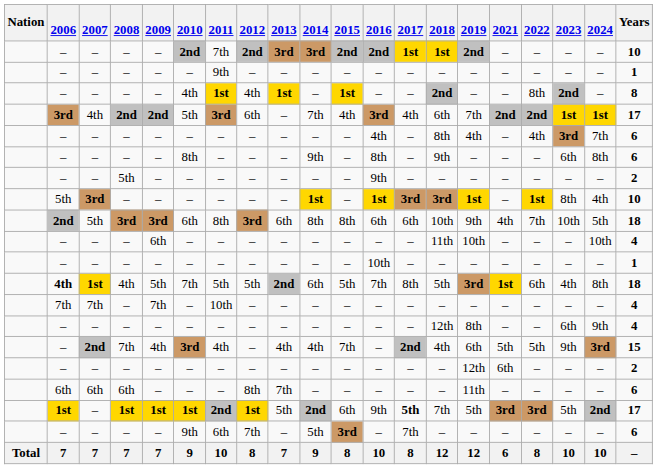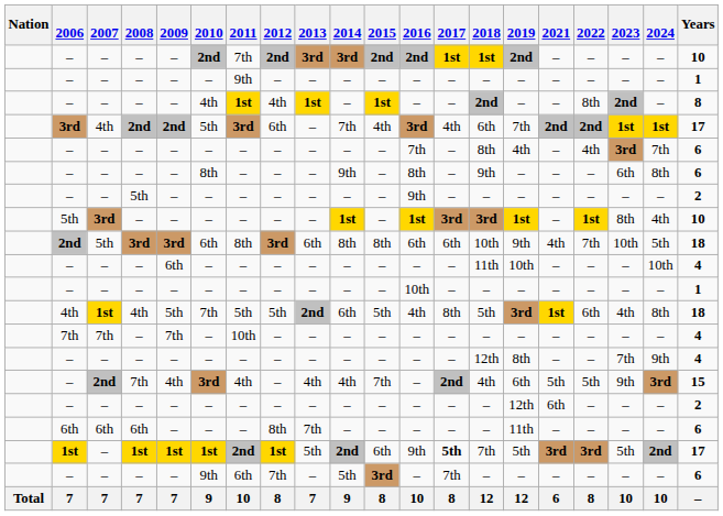 <table class="wikitable" style="text-align:center; font-size:90%">
 <tr>
 <th>Nation</th>
 <th><br><a href='#'>2006</a></th>
 <th><br><a href='#'>2007</a></th>
 <th><br><a href='#'>2008</a></th>
 <th><br><a href='#'>2009</a></th>
 <th><br><a href='#'>2010</a></th>
 <th><br><a href='#'>2011</a></th>
 <th><br><a href='#'>2012</a></th>
 <th><br><a href='#'>2013</a></th>
 <th><br><a href='#'>2014</a></th>
 <th><br><a href='#'>2015</a></th>
 <th><br><a href='#'>2016</a></th>
 <th><br><a href='#'>2017</a></th>
 <th><br><a href='#'>2018</a></th>
 <th><br><a href='#'>2019</a></th>
 <th><br><a href='#'>2021</a></th>
 <th><br><a href='#'>2022</a></th>
 <th><br><a href='#'>2023</a></th>
 <th><br><a href='#'>2024</a></th>
 <th>Years</th>
 </tr>
 <tr>
 <td align=left></td>
 <td>–</td>
 <td>–</td>
 <td>–</td>
 <td>–</td>
 <td bgcolor=silver><strong>2nd</strong></td>
 <td>7th</td>
 <td bgcolor=silver><strong>2nd</strong></td>
 <td bgcolor=#cc9966><strong>3rd</strong></td>
 <td bgcolor=#cc9966><strong>3rd</strong></td>
 <td bgcolor=silver><strong>2nd</strong></td>
 <td bgcolor=silver><strong>2nd</strong></td>
 <td bgcolor=gold><strong>1st</strong></td>
 <td bgcolor=gold><strong>1st</strong></td>
 <td bgcolor=silver><strong>2nd</strong></td>
 <td>–</td>
 <td>–</td>
 <td>–</td>
 <td>–</td>
 <td><strong>10</strong></td>
 </tr>
 <tr>
 <td align=left></td>
 <td>–</td>
 <td>–</td>
 <td>–</td>
 <td>–</td>
 <td>–</td>
 <td>9th</td>
 <td>–</td>
 <td>–</td>
 <td>–</td>
 <td>–</td>
 <td>–</td>
 <td>–</td>
 <td>–</td>
 <td>–</td>
 <td>–</td>
 <td>–</td>
 <td>–</td>
 <td>–</td>
 <td><strong>1</strong></td>
 </tr>
 <tr>
 <td align=left></td>
 <td>–</td>
 <td>–</td>
 <td>–</td>
 <td>–</td>
 <td>4th</td>
 <td bgcolor=gold><strong>1st</strong></td>
 <td>4th</td>
 <td bgcolor=gold><strong>1st</strong></td>
 <td>–</td>
 <td bgcolor=gold><strong>1st</strong></td>
 <td>–</td>
 <td>–</td>
 <td bgcolor=silver><strong>2nd</strong></td>
 <td>–</td>
 <td>–</td>
 <td>8th</td>
 <td bgcolor=silver><strong>2nd</strong></td>
 <td>–</td>
 <td><strong>8</strong></td>
 </tr>
 <tr>
 <td align=left></td>
 <td bgcolor=#cc9966><strong>3rd</strong></td>
 <td>4th</td>
 <td bgcolor=silver><strong>2nd</strong></td>
 <td bgcolor=silver><strong>2nd</strong></td>
 <td>5th</td>
 <td bgcolor=#cc9966><strong>3rd</strong></td>
 <td>6th</td>
 <td>–</td>
 <td>7th</td>
 <td>4th</td>
 <td bgcolor=#cc9966><strong>3rd</strong></td>
 <td>4th</td>
 <td>6th</td>
 <td>7th</td>
 <td bgcolor=silver><strong>2nd</strong></td>
 <td bgcolor=silver><strong>2nd</strong></td>
 <td bgcolor=gold><strong>1st</strong></td>
 <td bgcolor=gold><strong>1st</strong></td>
 <td><strong>17</strong></td>
 </tr>
 <tr>
 <td align=left></td>
 <td>–</td>
 <td>–</td>
 <td>–</td>
 <td>–</td>
 <td>–</td>
 <td>–</td>
 <td>–</td>
 <td>–</td>
 <td>–</td>
 <td>–</td>
-<td>4th</td>
+<td>7th</td>
 <td>–</td>
 <td>8th</td>
 <td>4th</td>
 <td>–</td>
 <td>4th</td>
 <td bgcolor=#cc9966><strong>3rd</strong></td>
 <td>7th</td>
 <td><strong>6</strong></td>
 </tr>
 <tr>
 <td align=left></td>
 <td>–</td>
 <td>–</td>
 <td>–</td>
 <td>–</td>
 <td>8th</td>
 <td>–</td>
 <td>–</td>
 <td>–</td>
 <td>9th</td>
 <td>–</td>
 <td>8th</td>
 <td>–</td>
 <td>9th</td>
 <td>–</td>
 <td>–</td>
 <td>–</td>
 <td>6th</td>
 <td>8th</td>
 <td><strong>6</strong></td>
 </tr>
 <tr>
 <td align=left></td>
 <td>–</td>
 <td>–</td>
 <td>5th</td>
 <td>–</td>
 <td>–</td>
 <td>–</td>
 <td>–</td>
 <td>–</td>
 <td>–</td>
 <td>–</td>
 <td>9th</td>
 <td>–</td>
 <td>–</td>
 <td>–</td>
 <td>–</td>
 <td>–</td>
 <td>–</td>
 <td>–</td>
 <td><strong>2</strong></td>
 </tr>
 <tr>
 <td align=left></td>
 <td>5th</td>
 <td bgcolor=#cc9966><strong>3rd</strong></td>
 <td>–</td>
 <td>–</td>
 <td>–</td>
 <td>–</td>
 <td>–</td>
 <td>–</td>
 <td bgcolor=gold><strong>1st</strong></td>
 <td>–</td>
 <td bgcolor=gold><strong>1st</strong></td>
 <td bgcolor=#cc9966><strong>3rd</strong></td>
 <td bgcolor=#cc9966><strong>3rd</strong></td>
 <td bgcolor=gold><strong>1st</strong></td>
 <td>–</td>
 <td bgcolor=gold><strong>1st</strong></td>
 <td>8th</td>
 <td>4th</td>
 <td><strong>10</strong></td>
 </tr>
 <tr>
 <td align=left></td>
 <td bgcolor=silver><strong>2nd</strong></td>
 <td>5th</td>
 <td bgcolor=#cc9966><strong>3rd</strong></td>
 <td bgcolor=#cc9966><strong>3rd</strong></td>
 <td>6th</td>
 <td>8th</td>
 <td bgcolor=#cc9966><strong>3rd</strong></td>
 <td>6th</td>
 <td>8th</td>
 <td>8th</td>
 <td>6th</td>
 <td>6th</td>
 <td>10th</td>
 <td>9th</td>
 <td>4th</td>
 <td>7th</td>
 <td>10th</td>
 <td>5th</td>
 <td><strong>18</strong></td>
 </tr>
 <tr>
 <td align=left></td>
 <td>–</td>
 <td>–</td>
 <td>–</td>
 <td>6th</td>
 <td>–</td>
 <td>–</td>
 <td>–</td>
 <td>–</td>
 <td>–</td>
 <td>–</td>
 <td>–</td>
 <td>–</td>
 <td>11th</td>
 <td>10th</td>
 <td>–</td>
 <td>–</td>
 <td>–</td>
 <td>10th</td>
 <td><strong>4</strong></td>
 </tr>
 <tr>
 <td align=left></td>
 <td>–</td>
 <td>–</td>
 <td>–</td>
 <td>–</td>
 <td>–</td>
 <td>–</td>
 <td>–</td>
 <td>–</td>
 <td>–</td>
 <td>–</td>
 <td>10th</td>
 <td>–</td>
 <td>–</td>
 <td>–</td>
 <td>–</td>
 <td>–</td>
 <td>–</td>
 <td>–</td>
 <td><strong>1</strong></td>
 </tr>
 <tr>
 <td align=left></td>
-<td><strong>4th</strong></td>
+<td>4th</td>
 <td bgcolor=gold><strong>1st</strong></td>
 <td>4th</td>
 <td>5th</td>
 <td>7th</td>
 <td>5th</td>
 <td>5th</td>
 <td bgcolor=silver><strong>2nd</strong></td>
 <td>6th</td>
 <td>5th</td>
-<td>7th</td>
+<td>4th</td>
 <td>8th</td>
 <td>5th</td>
 <td bgcolor=#cc9966><strong>3rd</strong></td>
 <td bgcolor=gold><strong>1st</strong></td>
 <td>6th</td>
 <td>4th</td>
 <td>8th</td>
 <td><strong>18</strong></td>
 </tr>
 <tr>
 <td align=left></td>
 <td>7th</td>
 <td>7th</td>
 <td>–</td>
 <td>7th</td>
 <td>–</td>
 <td>10th</td>
 <td>–</td>
 <td>–</td>
 <td>–</td>
 <td>–</td>
 <td>–</td>
 <td>–</td>
 <td>–</td>
 <td>–</td>
 <td>–</td>
 <td>–</td>
 <td>–</td>
 <td>–</td>
 <td><strong>4</strong></td>
 </tr>
 <tr>
 <td align=left></td>
 <td>–</td>
 <td>–</td>
 <td>–</td>
 <td>–</td>
 <td>–</td>
 <td>–</td>
 <td>–</td>
 <td>–</td>
 <td>–</td>
 <td>–</td>
 <td>–</td>
 <td>–</td>
 <td>12th</td>
 <td>8th</td>
 <td>–</td>
 <td>–</td>
-<td>6th</td>
+<td>7th</td>
 <td>9th</td>
 <td><strong>4</strong></td>
 </tr>
 <tr>
 <td align=left></td>
 <td>–</td>
 <td bgcolor=silver><strong>2nd</strong></td>
 <td>7th</td>
 <td>4th</td>
 <td bgcolor=#cc9966><strong>3rd</strong></td>
 <td>4th</td>
 <td>–</td>
 <td>4th</td>
 <td>4th</td>
 <td>7th</td>
 <td>–</td>
 <td bgcolor=silver><strong>2nd</strong></td>
 <td>4th</td>
 <td>6th</td>
 <td>5th</td>
 <td>5th</td>
 <td>9th</td>
 <td bgcolor=#cc9966><strong>3rd</strong></td>
 <td><strong>15</strong></td>
 </tr>
 <tr>
 <td align=left></td>
 <td>–</td>
 <td>–</td>
 <td>–</td>
 <td>–</td>
 <td>–</td>
 <td>–</td>
 <td>–</td>
 <td>–</td>
 <td>–</td>
 <td>–</td>
 <td>–</td>
 <td>–</td>
 <td>–</td>
 <td>12th</td>
 <td>6th</td>
 <td>–</td>
 <td>–</td>
 <td>–</td>
 <td><strong>2</strong></td>
 </tr>
 <tr>
 <td align=left></td>
 <td>6th</td>
 <td>6th</td>
 <td>6th</td>
 <td>–</td>
 <td>–</td>
 <td>–</td>
 <td>8th</td>
 <td>7th</td>
 <td>–</td>
 <td>–</td>
 <td>–</td>
 <td>–</td>
 <td>–</td>
 <td>11th</td>
 <td>–</td>
 <td>–</td>
 <td>–</td>
 <td>–</td>
 <td><strong>6</strong></td>
 </tr>
 <tr>
 <td align=left></td>
 <td bgcolor=gold><strong>1st</strong></td>
 <td>–</td>
 <td bgcolor=gold><strong>1st</strong></td>
 <td bgcolor=gold><strong>1st</strong></td>
 <td bgcolor=gold><strong>1st</strong></td>
 <td bgcolor=silver><strong>2nd</strong></td>
 <td bgcolor=gold><strong>1st</strong></td>
 <td>5th</td>
 <td bgcolor=silver><strong>2nd</strong></td>
 <td>6th</td>
 <td>9th</td>
 <td><strong>5th</strong></td>
 <td>7th</td>
 <td>5th</td>
 <td bgcolor=#cc9966><strong>3rd</strong></td>
 <td bgcolor=#cc9966><strong>3rd</strong></td>
 <td>5th</td>
 <td bgcolor=silver><strong>2nd</strong></td>
 <td><strong>17</strong></td>
 </tr>
 <tr>
 <td align=left></td>
 <td>–</td>
 <td>–</td>
 <td>–</td>
 <td>–</td>
 <td>9th</td>
 <td>6th</td>
 <td>7th</td>
 <td>–</td>
 <td>5th</td>
 <td bgcolor=#cc9966><strong>3rd</strong></td>
 <td>–</td>
 <td>7th</td>
 <td>–</td>
 <td>–</td>
 <td>–</td>
 <td>–</td>
 <td>–</td>
 <td>–</td>
 <td><strong>6</strong></td>
 </tr>
 <tr>
 <th>Total</th>
 <th>7</th>
 <th>7</th>
 <th>7</th>
 <th>7</th>
 <th>9</th>
 <th>10</th>
 <th>8</th>
 <th>7</th>
 <th>9</th>
 <th>8</th>
 <th>10</th>
 <th>8</th>
 <th>12</th>
 <th>12</th>
 <th>6</th>
 <th>8</th>
 <th>10</th>
 <th>10</th>
 <th>–</th>
 </tr>
 </table>
